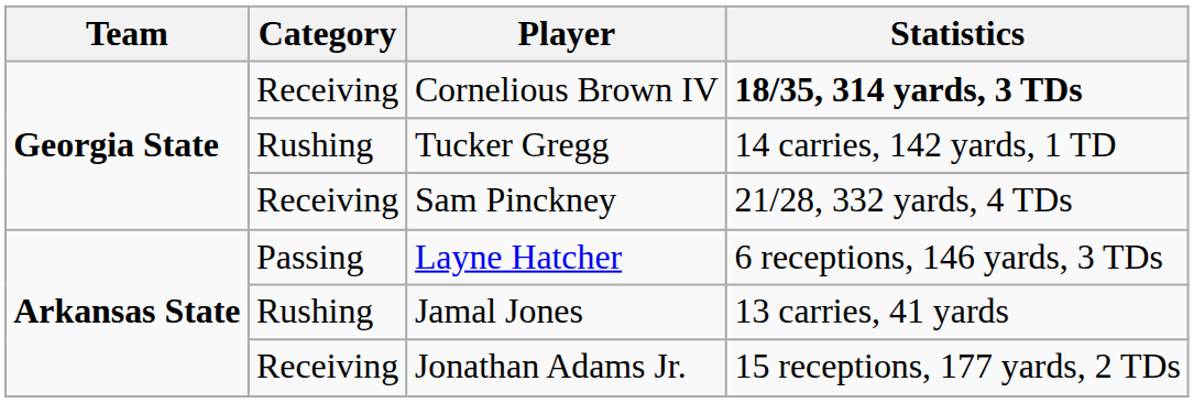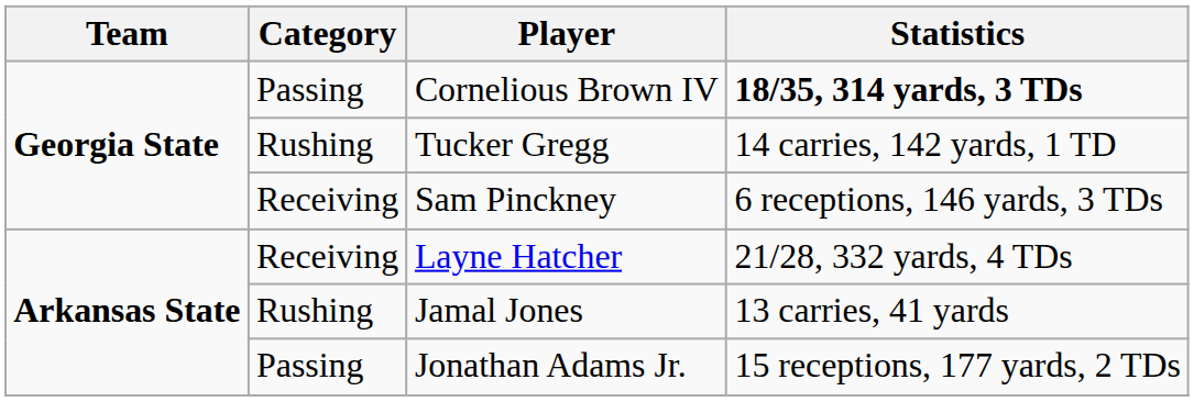 <table class="wikitable" style="float: left;">
 <tr>
 <th>Team</th>
 <th>Category</th>
 <th>Player</th>
 <th>Statistics</th>
 </tr>
 <tr>
 <td rowspan=3><strong>Georgia State</strong></td>
-<td>Receiving</td>
+<td>Passing</td>
 <td>Cornelious Brown IV</td>
 <td><strong>18/35, 314 yards, 3 TDs</strong></td>
 </tr>
 <tr>
 <td>Rushing</td>
 <td>Tucker Gregg</td>
 <td>14 carries, 142 yards, 1 TD</td>
 </tr>
 <tr>
 <td>Receiving</td>
 <td>Sam Pinckney</td>
-<td>21/28, 332 yards, 4 TDs</td>
+<td>6 receptions, 146 yards, 3 TDs</td>
 </tr>
 <tr>
 <td rowspan=3><strong>Arkansas State</strong></td>
-<td>Passing</td>
+<td>Receiving</td>
 <td><a href='#'>Layne Hatcher</a></td>
-<td>6 receptions, 146 yards, 3 TDs</td>
+<td>21/28, 332 yards, 4 TDs</td>
 </tr>
 <tr>
 <td>Rushing</td>
 <td>Jamal Jones</td>
 <td>13 carries, 41 yards</td>
 </tr>
 <tr>
-<td>Receiving</td>
+<td>Passing</td>
 <td>Jonathan Adams Jr.</td>
 <td>15 receptions, 177 yards, 2 TDs</td>
 </tr>
 </table>
